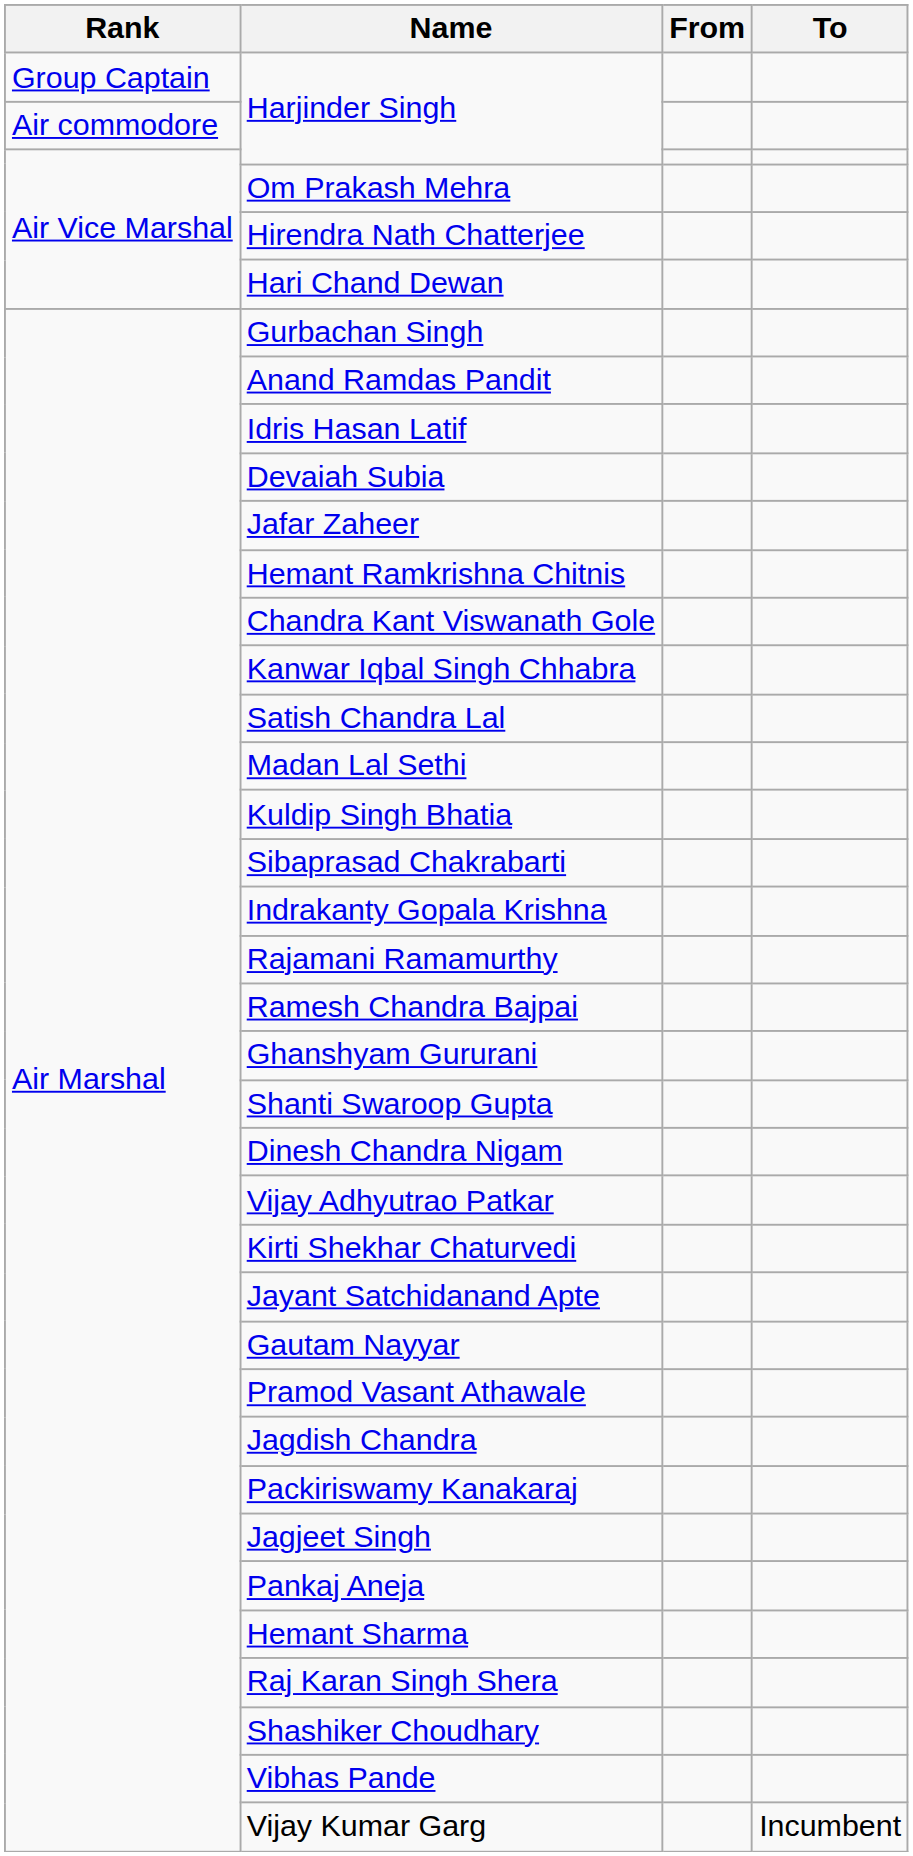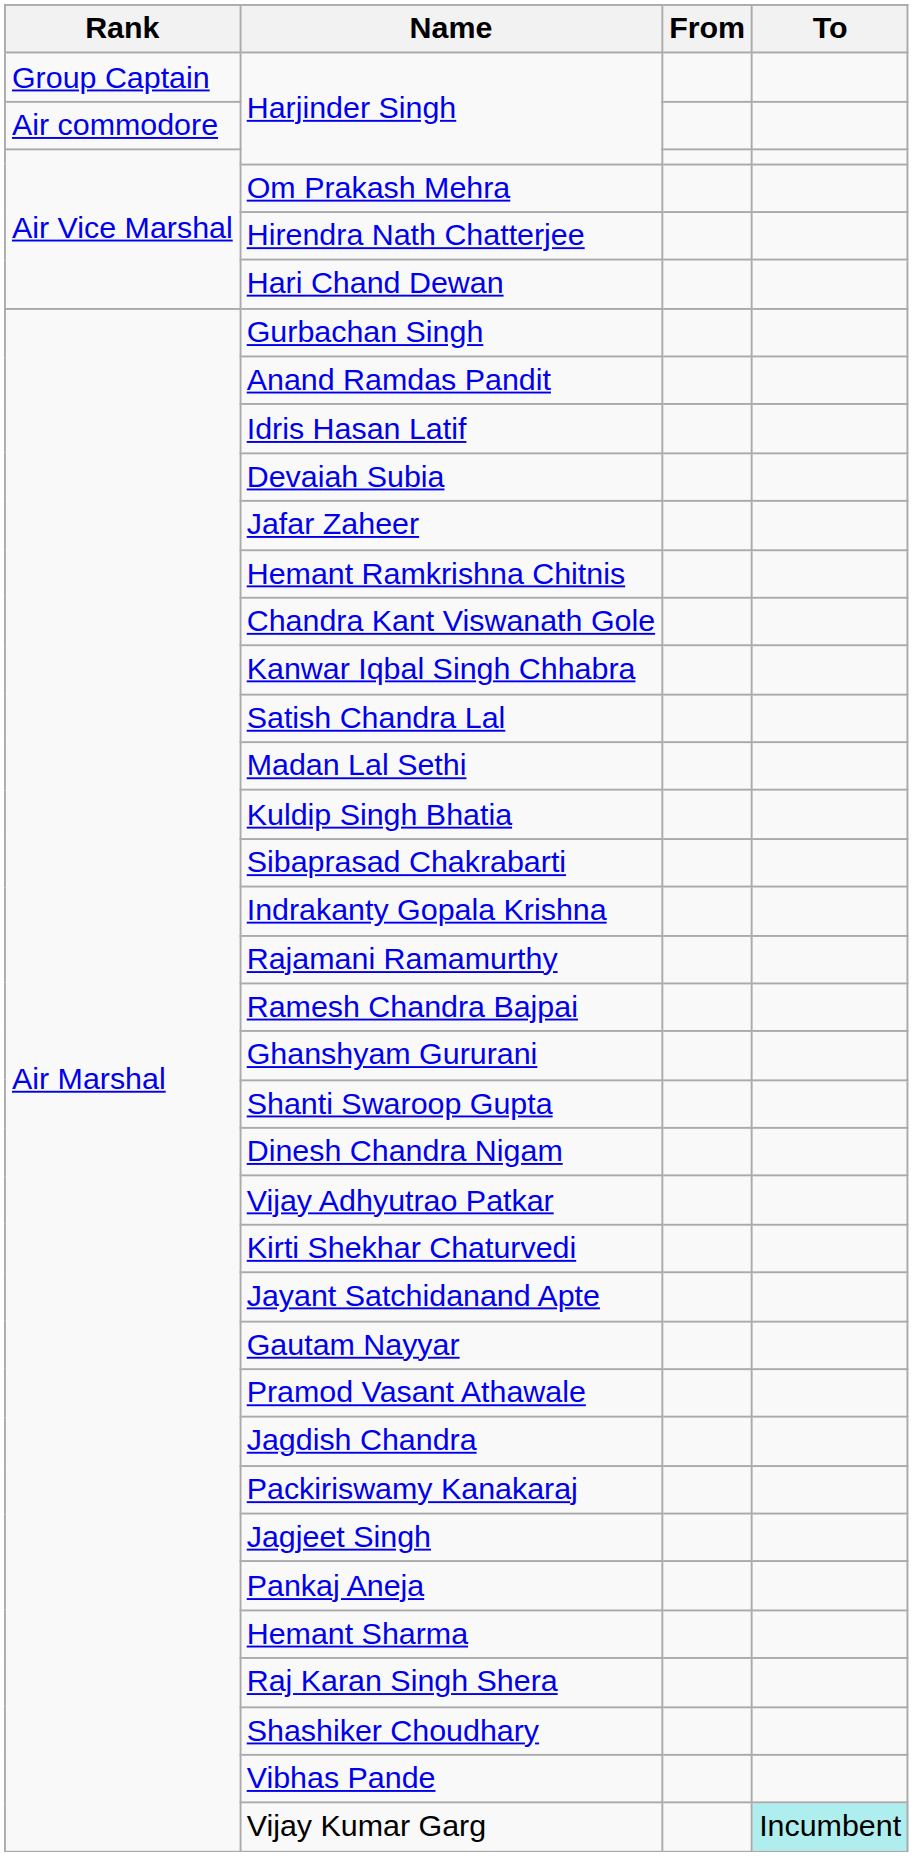 <table class="wikitable sortable">
 <tr>
 <th>Rank</th>
 <th>Name</th>
 <th>From</th>
 <th>To</th>
 </tr>
 <tr>
 <td><a href='#'>Group Captain</a></td>
 <td rowspan='3'><a href='#'>Harjinder Singh</a></td>
 <td></td>
 <td></td>
 </tr>
 <tr>
 <td><a href='#'>Air commodore</a></td>
 <td></td>
 <td></td>
 </tr>
 <tr>
 <td rowspan='4'><a href='#'>Air Vice Marshal</a></td>
 <td></td>
 <td></td>
 </tr>
 <tr>
 <td><a href='#'>Om Prakash Mehra</a></td>
 <td></td>
 <td></td>
 </tr>
 <tr>
 <td><a href='#'>Hirendra Nath Chatterjee</a></td>
 <td></td>
 <td></td>
 </tr>
 <tr>
 <td><a href='#'>Hari Chand Dewan</a></td>
 <td></td>
 <td></td>
 </tr>
 <tr>
 <td rowspan='32'><a href='#'>Air Marshal</a></td>
 <td><a href='#'>Gurbachan Singh</a></td>
 <td></td>
 <td></td>
 </tr>
 <tr>
 <td><a href='#'>Anand Ramdas Pandit</a></td>
 <td></td>
 <td></td>
 </tr>
 <tr>
 <td><a href='#'>Idris Hasan Latif</a></td>
 <td></td>
 <td></td>
 </tr>
 <tr>
 <td><a href='#'>Devaiah Subia</a></td>
 <td></td>
 <td></td>
 </tr>
 <tr>
 <td><a href='#'>Jafar Zaheer</a></td>
 <td></td>
 <td></td>
 </tr>
 <tr>
 <td><a href='#'>Hemant Ramkrishna Chitnis</a></td>
 <td></td>
 <td></td>
 </tr>
 <tr>
 <td><a href='#'>Chandra Kant Viswanath Gole</a></td>
 <td></td>
 <td></td>
 </tr>
 <tr>
 <td><a href='#'>Kanwar Iqbal Singh Chhabra</a></td>
 <td></td>
 <td></td>
 </tr>
 <tr>
 <td><a href='#'>Satish Chandra Lal</a></td>
 <td></td>
 <td></td>
 </tr>
 <tr>
 <td><a href='#'>Madan Lal Sethi</a></td>
 <td></td>
 <td></td>
 </tr>
 <tr>
 <td><a href='#'>Kuldip Singh Bhatia</a></td>
 <td></td>
 <td></td>
 </tr>
 <tr>
 <td><a href='#'>Sibaprasad Chakrabarti</a></td>
 <td></td>
 <td></td>
 </tr>
 <tr>
 <td><a href='#'>Indrakanty Gopala Krishna</a></td>
 <td></td>
 <td></td>
 </tr>
 <tr>
 <td><a href='#'>Rajamani Ramamurthy</a></td>
 <td></td>
 <td></td>
 </tr>
 <tr>
 <td><a href='#'>Ramesh Chandra Bajpai</a></td>
 <td></td>
 <td></td>
 </tr>
 <tr>
 <td><a href='#'>Ghanshyam Gururani</a></td>
 <td></td>
 <td></td>
 </tr>
 <tr>
 <td><a href='#'>Shanti Swaroop Gupta</a></td>
 <td></td>
 <td></td>
 </tr>
 <tr>
 <td><a href='#'>Dinesh Chandra Nigam</a></td>
 <td></td>
 <td></td>
 </tr>
 <tr>
 <td><a href='#'>Vijay Adhyutrao Patkar</a></td>
 <td></td>
 <td></td>
 </tr>
 <tr>
 <td><a href='#'>Kirti Shekhar Chaturvedi</a></td>
 <td></td>
 <td></td>
 </tr>
 <tr>
 <td><a href='#'>Jayant Satchidanand Apte</a></td>
 <td></td>
 <td></td>
 </tr>
 <tr>
 <td><a href='#'>Gautam Nayyar</a></td>
 <td></td>
 <td></td>
 </tr>
 <tr>
 <td><a href='#'>Pramod Vasant Athawale</a></td>
 <td></td>
 <td></td>
 </tr>
 <tr>
 <td><a href='#'>Jagdish Chandra</a></td>
 <td></td>
 <td></td>
 </tr>
 <tr>
 <td><a href='#'>Packiriswamy Kanakaraj</a></td>
 <td></td>
 <td></td>
 </tr>
 <tr>
 <td><a href='#'>Jagjeet Singh</a></td>
 <td></td>
 <td></td>
 </tr>
 <tr>
 <td><a href='#'>Pankaj Aneja</a></td>
 <td></td>
 <td></td>
 </tr>
 <tr>
 <td><a href='#'>Hemant Sharma</a></td>
 <td></td>
 <td></td>
 </tr>
 <tr>
 <td><a href='#'>Raj Karan Singh Shera</a></td>
 <td></td>
 <td></td>
 </tr>
 <tr>
 <td><a href='#'>Shashiker Choudhary</a></td>
 <td></td>
 <td></td>
 </tr>
 <tr>
 <td><a href='#'>Vibhas Pande</a></td>
 <td></td>
 <td></td>
 </tr>
 <tr>
 <td>Vijay Kumar Garg</td>
 <td></td>
-<td>Incumbent</td>
+<td style="background: paleturquoise;">Incumbent</td>
 </tr>
 </table>
